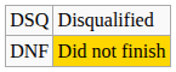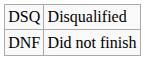 <table class="wikitable">
 <tr>
 <td>DSQ</td>
 <td>Disqualified</td>
 </tr>
 <tr>
 <td>DNF</td>
-<td style="background: gold;">Did not finish</td>
+<td>Did not finish</td>
 </tr>
 </table>
